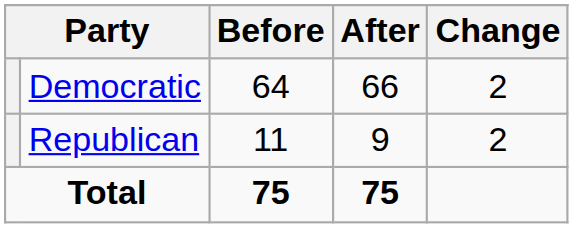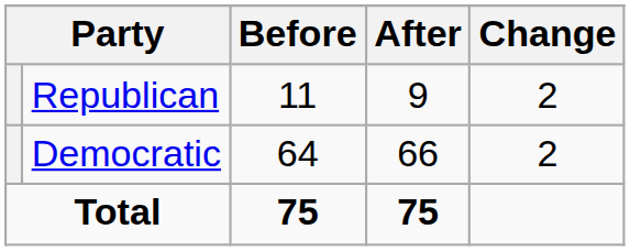 <table class="wikitable" style="text-align:center;">
 <tr>
 </tr>
 <tr>
 <th colspan=2>Party</th>
 <th>Before</th>
 <th>After</th>
 <th>Change</th>
 </tr>
 <tr>
 <th style="background-color:"></th>
-<td style="text-align:left;"><a href='#'>Democratic</a></td>
-<td>64</td>
-<td>66</td>
+<td style="text-align:left;"><a href='#'>Republican</a></td>
+<td>11</td>
+<td>9</td>
 <td> 2</td>
 </tr>
 <tr>
 <th style="background-color:"></th>
-<td style="text-align:left;"><a href='#'>Republican</a></td>
-<td>11</td>
-<td>9</td>
+<td style="text-align:left;"><a href='#'>Democratic</a></td>
+<td>64</td>
+<td>66</td>
 <td> 2</td>
 </tr>
 <tr>
 <td colspan=2><strong>Total</strong></td>
 <td><strong>75</strong></td>
 <td><strong>75</strong></td>
 <td></td>
 </tr>
 </table>
